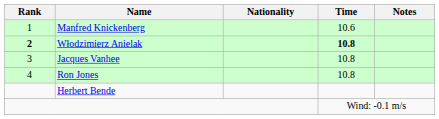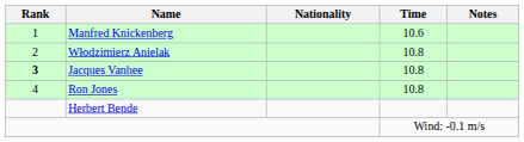 <table class="wikitable sortable" style="text-align:center;width: 55%">
 <tr>
 <th>Rank</th>
 <th>Name</th>
 <th>Nationality</th>
 <th>Time</th>
 <th>Notes</th>
 </tr>
 <tr bgcolor=ccffcc>
 <td>1</td>
 <td align=left><a href='#'>Manfred Knickenberg</a></td>
 <td align=left></td>
 <td>10.6</td>
 <td></td>
 </tr>
 <tr bgcolor=ccffcc>
-<td><strong>2</strong></td>
+<td>2</td>
 <td align=left><a href='#'>Włodzimierz Anielak</a></td>
 <td align=left></td>
-<td><strong>10.8</strong></td>
+<td>10.8</td>
 <td></td>
 </tr>
 <tr bgcolor=ccffcc>
-<td>3</td>
+<td><strong>3</strong></td>
 <td align=left><a href='#'>Jacques Vanhee</a></td>
 <td align=left></td>
 <td>10.8</td>
 <td></td>
 </tr>
 <tr bgcolor=ccffcc>
 <td>4</td>
 <td align=left><a href='#'>Ron Jones</a></td>
 <td align=left></td>
 <td>10.8</td>
 <td></td>
 </tr>
 <tr>
 <td></td>
 <td align=left><a href='#'>Herbert Bende</a></td>
 <td align=left></td>
 <td></td>
 <td></td>
 </tr>
 <tr>
 <td colspan="3"></td>
 <td colspan="2">Wind: -0.1 m/s</td>
 </tr>
 </table>
